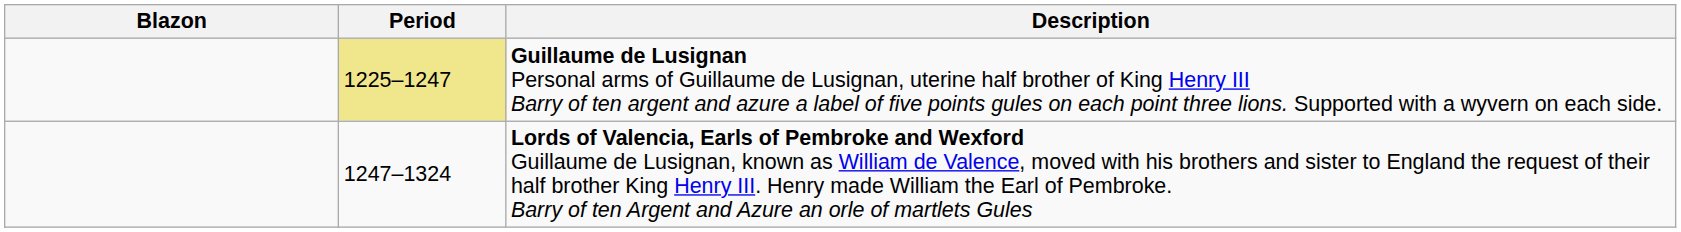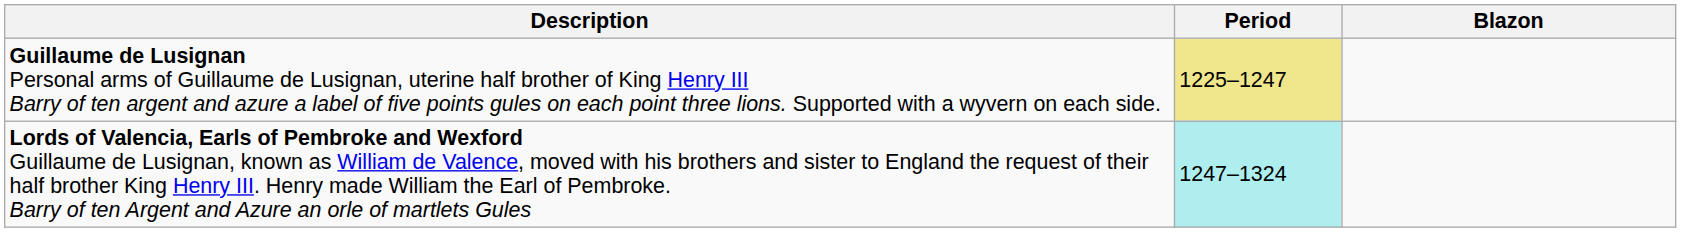 <table class="wikitable">
 <tr>
+<th style="width:70%;">Description</th>
+<th style="width:10%;">Period</th>
 <th style="width:20%;">Blazon</th>
-<th style="width:10%;">Period</th>
-<th style="width:70%;">Description</th>
 </tr>
 <tr>
+<td><strong>Guillaume de Lusignan</strong><br>Personal arms of Guillaume de Lusignan, uterine half brother of King <a href='#'>Henry III</a><br><em>Barry of ten argent and azure a label of five points gules on each point three lions.</em> Supported with a wyvern on each side.</td>
+<td style="background: khaki;">1225–1247</td>
 <td></td>
-<td style="background: khaki;">1225–1247</td>
-<td><strong>Guillaume de Lusignan</strong><br>Personal arms of Guillaume de Lusignan, uterine half brother of King <a href='#'>Henry III</a><br><em>Barry of ten argent and azure a label of five points gules on each point three lions.</em> Supported with a wyvern on each side.</td>
 </tr>
 <tr>
+<td><strong>Lords of Valencia, Earls of Pembroke and Wexford</strong><br>Guillaume de Lusignan, known as <a href='#'>William de Valence</a>, moved with his brothers and sister to England the request of their half brother King <a href='#'>Henry III</a>. Henry made William the Earl of Pembroke.<br><em>Barry of ten Argent and Azure an orle of martlets Gules</em></td>
+<td style="background: paleturquoise;">1247–1324</td>
 <td></td>
-<td>1247–1324</td>
-<td><strong>Lords of Valencia, Earls of Pembroke and Wexford</strong><br>Guillaume de Lusignan, known as <a href='#'>William de Valence</a>, moved with his brothers and sister to England the request of their half brother King <a href='#'>Henry III</a>. Henry made William the Earl of Pembroke.<br><em>Barry of ten Argent and Azure an orle of martlets Gules</em></td>
 </tr>
 </table>
